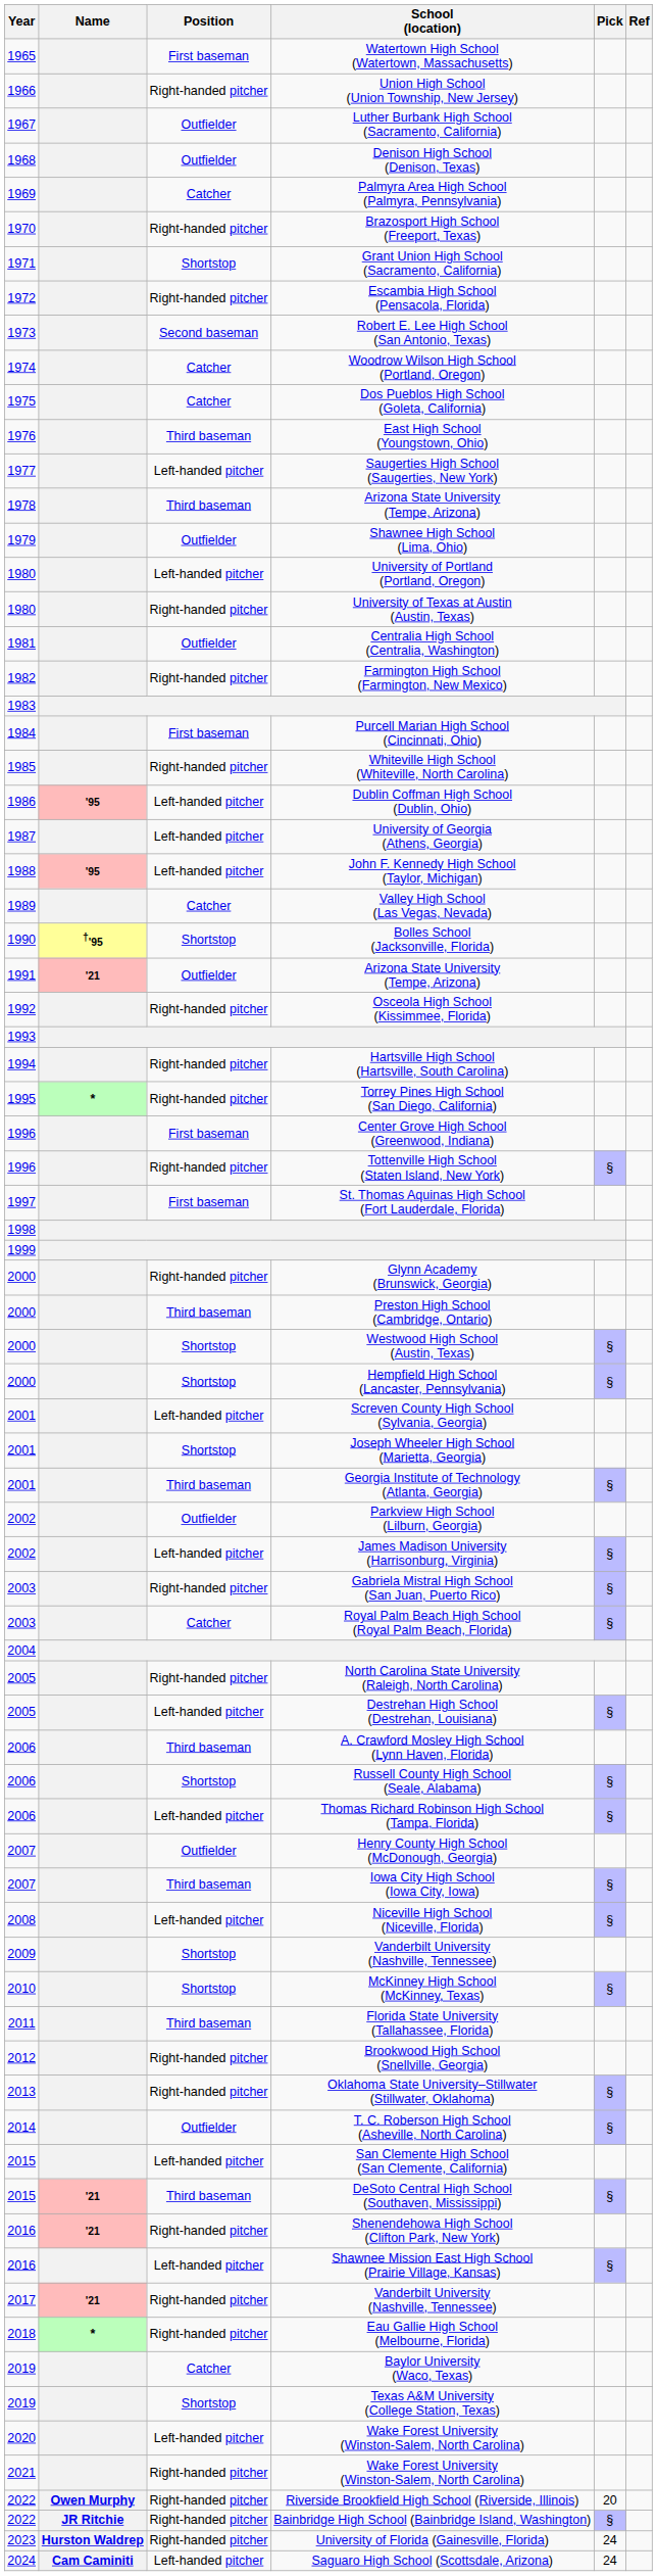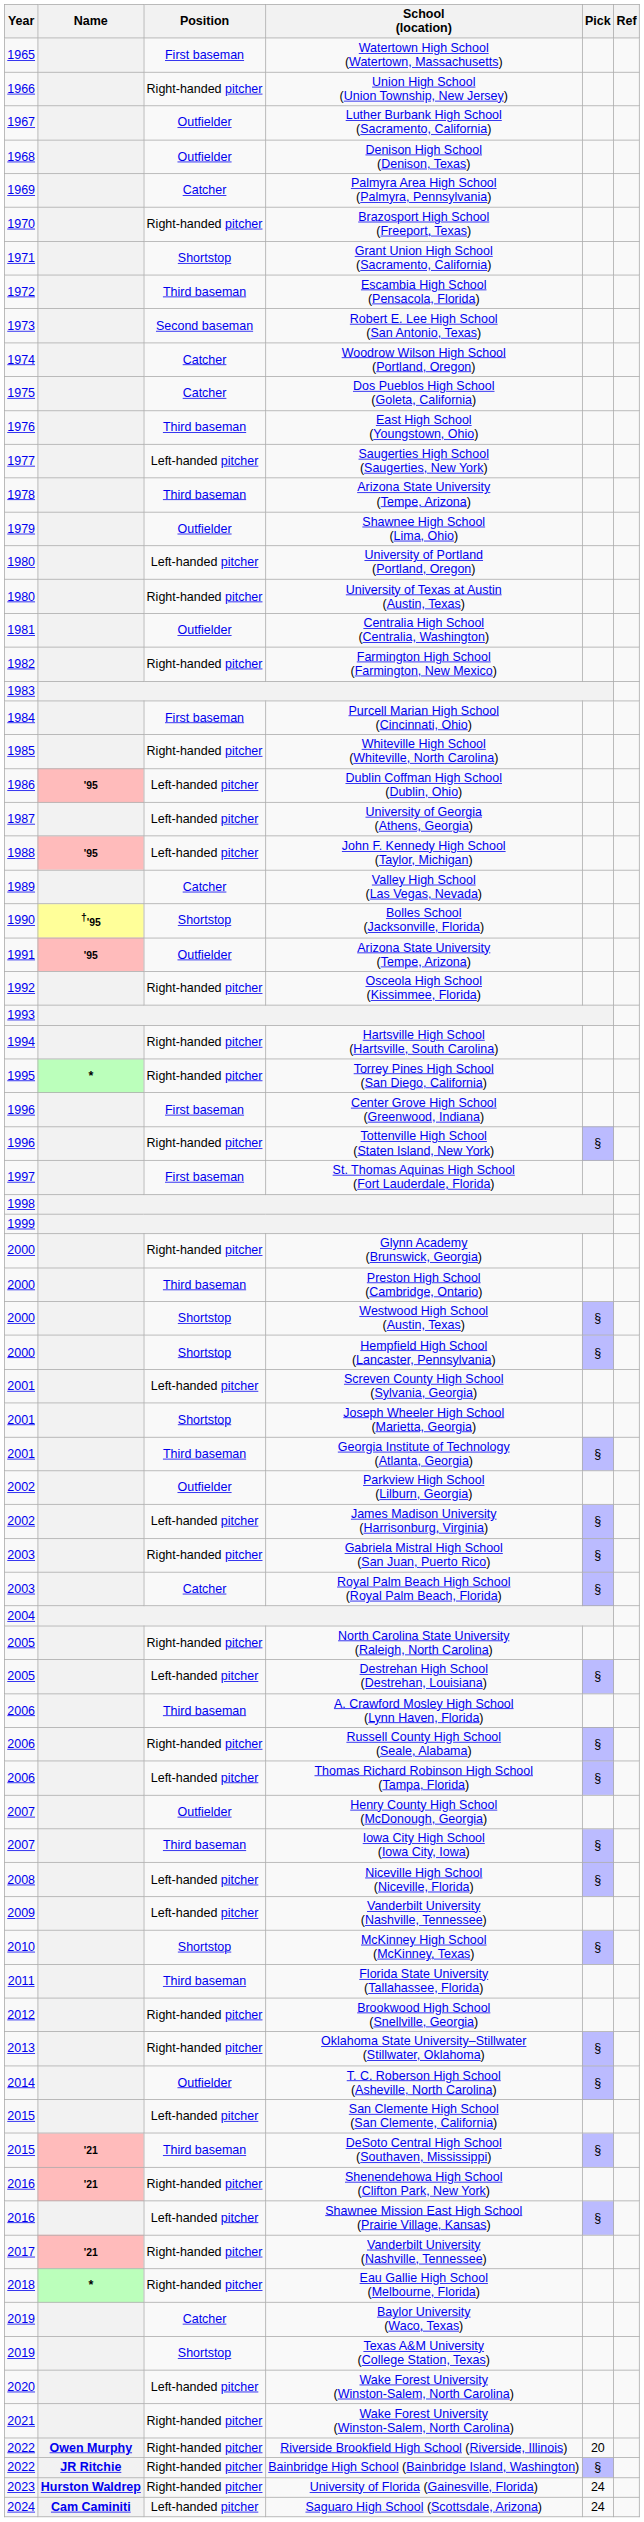 <table class="wikitable sortable plainrowheaders" style="text-align:center;" border="1">
 <tr>
 <th scope="col">Year</th>
 <th scope="col">Name</th>
 <th scope="col">Position</th>
 <th scope="col" class="unsortable">School<br> (location)</th>
 <th scope="col">Pick</th>
 <th scope="col" class="unsortable">Ref</th>
 </tr>
 <tr>
 <td><a href='#'>1965</a></td>
 <th scope="row"></th>
 <td><a href='#'>First baseman</a></td>
 <td><a href='#'>Watertown High School</a><br>(<a href='#'>Watertown, Massachusetts</a>)</td>
 <td></td>
 <td></td>
 </tr>
 <tr>
 <td><a href='#'>1966</a></td>
 <th scope="row"></th>
 <td>Right-handed <a href='#'>pitcher</a></td>
 <td><a href='#'>Union High School</a><br>(<a href='#'>Union Township, New Jersey</a>)</td>
 <td></td>
 <td></td>
 </tr>
 <tr>
 <td><a href='#'>1967</a></td>
 <th scope="row"></th>
 <td><a href='#'>Outfielder</a></td>
 <td><a href='#'>Luther Burbank High School</a><br>(<a href='#'>Sacramento, California</a>)</td>
 <td></td>
 <td></td>
 </tr>
 <tr>
 <td><a href='#'>1968</a></td>
 <th scope="row"></th>
 <td><a href='#'>Outfielder</a></td>
 <td><a href='#'>Denison High School</a><br>(<a href='#'>Denison, Texas</a>)</td>
 <td></td>
 <td></td>
 </tr>
 <tr>
 <td><a href='#'>1969</a></td>
 <th scope="row"></th>
 <td><a href='#'>Catcher</a></td>
 <td><a href='#'>Palmyra Area High School</a><br>(<a href='#'>Palmyra, Pennsylvania</a>)</td>
 <td></td>
 <td></td>
 </tr>
 <tr>
 <td><a href='#'>1970</a></td>
 <th scope="row"></th>
 <td>Right-handed <a href='#'>pitcher</a></td>
 <td><a href='#'>Brazosport High School</a><br>(<a href='#'>Freeport, Texas</a>)</td>
 <td></td>
 <td></td>
 </tr>
 <tr>
 <td><a href='#'>1971</a></td>
 <th scope="row"></th>
 <td><a href='#'>Shortstop</a></td>
 <td><a href='#'>Grant Union High School</a><br>(<a href='#'>Sacramento, California</a>)</td>
 <td></td>
 <td></td>
 </tr>
 <tr>
 <td><a href='#'>1972</a></td>
 <th scope="row"></th>
-<td>Right-handed <a href='#'>pitcher</a></td>
+<td><a href='#'>Third baseman</a></td>
 <td><a href='#'>Escambia High School</a><br>(<a href='#'>Pensacola, Florida</a>)</td>
 <td></td>
 <td></td>
 </tr>
 <tr>
 <td><a href='#'>1973</a></td>
 <th scope="row"></th>
 <td><a href='#'>Second baseman</a></td>
 <td><a href='#'>Robert E. Lee High School</a><br>(<a href='#'>San Antonio, Texas</a>)</td>
 <td></td>
 <td></td>
 </tr>
 <tr>
 <td><a href='#'>1974</a></td>
 <th scope="row"></th>
 <td><a href='#'>Catcher</a></td>
 <td><a href='#'>Woodrow Wilson High School</a><br>(<a href='#'>Portland, Oregon</a>)</td>
 <td></td>
 <td></td>
 </tr>
 <tr>
 <td><a href='#'>1975</a></td>
 <th scope="row"></th>
 <td><a href='#'>Catcher</a></td>
 <td><a href='#'>Dos Pueblos High School</a><br>(<a href='#'>Goleta, California</a>)</td>
 <td></td>
 <td></td>
 </tr>
 <tr>
 <td><a href='#'>1976</a></td>
 <th scope="row"></th>
 <td><a href='#'>Third baseman</a></td>
 <td><a href='#'>East High School</a><br>(<a href='#'>Youngstown, Ohio</a>)</td>
 <td></td>
 <td></td>
 </tr>
 <tr>
 <td><a href='#'>1977</a></td>
 <th scope="row"></th>
 <td>Left-handed <a href='#'>pitcher</a></td>
 <td><a href='#'>Saugerties High School</a><br>(<a href='#'>Saugerties, New York</a>)</td>
 <td></td>
 <td></td>
 </tr>
 <tr>
 <td><a href='#'>1978</a></td>
 <th scope="row"></th>
 <td><a href='#'>Third baseman</a></td>
 <td><a href='#'>Arizona State University</a><br>(<a href='#'>Tempe, Arizona</a>)</td>
 <td></td>
 <td></td>
 </tr>
 <tr>
 <td><a href='#'>1979</a></td>
 <th scope="row"></th>
 <td><a href='#'>Outfielder</a></td>
 <td><a href='#'>Shawnee High School</a><br>(<a href='#'>Lima, Ohio</a>)</td>
 <td></td>
 <td></td>
 </tr>
 <tr>
 <td><a href='#'>1980</a></td>
 <th scope="row"></th>
 <td>Left-handed <a href='#'>pitcher</a></td>
 <td><a href='#'>University of Portland</a><br>(<a href='#'>Portland, Oregon</a>)</td>
 <td></td>
 <td></td>
 </tr>
 <tr>
 <td><a href='#'>1980</a></td>
 <th scope="row"></th>
 <td>Right-handed <a href='#'>pitcher</a></td>
 <td><a href='#'>University of Texas at Austin</a><br>(<a href='#'>Austin, Texas</a>)</td>
 <td></td>
 <td></td>
 </tr>
 <tr>
 <td><a href='#'>1981</a></td>
 <th scope="row"></th>
 <td><a href='#'>Outfielder</a></td>
 <td><a href='#'>Centralia High School</a><br>(<a href='#'>Centralia, Washington</a>)</td>
 <td></td>
 <td></td>
 </tr>
 <tr>
 <td><a href='#'>1982</a></td>
 <th scope="row"></th>
 <td>Right-handed <a href='#'>pitcher</a></td>
 <td><a href='#'>Farmington High School</a><br>(<a href='#'>Farmington, New Mexico</a>)</td>
 <td></td>
 <td></td>
 </tr>
 <tr>
 <td><a href='#'>1983</a></td>
 <th scope="row" style="text-align: center;" colspan="4"></th>
 <td></td>
 </tr>
 <tr>
 <td><a href='#'>1984</a></td>
 <th scope="row"></th>
 <td><a href='#'>First baseman</a></td>
 <td><a href='#'>Purcell Marian High School</a><br>(<a href='#'>Cincinnati, Ohio</a>)</td>
 <td></td>
 <td></td>
 </tr>
 <tr>
 <td><a href='#'>1985</a></td>
 <th scope="row"></th>
 <td>Right-handed <a href='#'>pitcher</a></td>
 <td><a href='#'>Whiteville High School</a><br>(<a href='#'>Whiteville, North Carolina</a>)</td>
 <td></td>
 <td></td>
 </tr>
 <tr>
 <td><a href='#'>1986</a></td>
 <th scope="row" style="background-color:#ffbbbb"> <small>'95</small></th>
 <td>Left-handed <a href='#'>pitcher</a></td>
 <td><a href='#'>Dublin Coffman High School</a><br>(<a href='#'>Dublin, Ohio</a>)</td>
 <td></td>
 <td></td>
 </tr>
 <tr>
 <td><a href='#'>1987</a></td>
 <th scope="row"></th>
 <td>Left-handed <a href='#'>pitcher</a></td>
 <td><a href='#'>University of Georgia</a><br>(<a href='#'>Athens, Georgia</a>)</td>
 <td></td>
 <td></td>
 </tr>
 <tr>
 <td><a href='#'>1988</a></td>
 <th scope="row" style="background-color:#ffbbbb"> <small>'95</small></th>
 <td>Left-handed <a href='#'>pitcher</a></td>
 <td><a href='#'>John F. Kennedy High School</a><br>(<a href='#'>Taylor, Michigan</a>)</td>
 <td></td>
 <td></td>
 </tr>
 <tr>
 <td><a href='#'>1989</a></td>
 <th scope="row"></th>
 <td><a href='#'>Catcher</a></td>
 <td><a href='#'>Valley High School</a><br>(<a href='#'>Las Vegas, Nevada</a>)</td>
 <td></td>
 <td></td>
 </tr>
 <tr>
 <td><a href='#'>1990</a></td>
 <th scope="row" style="background:#ff9;"><sup>†</sup><small>'95</small></th>
 <td><a href='#'>Shortstop</a></td>
 <td><a href='#'>Bolles School</a><br>(<a href='#'>Jacksonville, Florida</a>)</td>
 <td></td>
 <td></td>
 </tr>
 <tr>
 <td><a href='#'>1991</a></td>
-<th scope="row" style="background-color:#ffbbbb"> <small>'21</small></th>
+<th scope="row" style="background-color:#ffbbbb"> <small>'95</small></th>
 <td><a href='#'>Outfielder</a></td>
 <td><a href='#'>Arizona State University</a><br>(<a href='#'>Tempe, Arizona</a>)</td>
 <td></td>
 <td></td>
 </tr>
 <tr>
 <td><a href='#'>1992</a></td>
 <th scope="row"></th>
 <td>Right-handed <a href='#'>pitcher</a></td>
 <td><a href='#'>Osceola High School</a><br>(<a href='#'>Kissimmee, Florida</a>)</td>
 <td></td>
 <td></td>
 </tr>
 <tr>
 <td><a href='#'>1993</a></td>
 <th scope="row" style="text-align: center;" colspan="4"></th>
 <td></td>
 </tr>
 <tr>
 <td><a href='#'>1994</a></td>
 <th scope="row"></th>
 <td>Right-handed <a href='#'>pitcher</a></td>
 <td><a href='#'>Hartsville High School</a><br>(<a href='#'>Hartsville, South Carolina</a>)</td>
 <td></td>
 <td></td>
 </tr>
 <tr>
 <td><a href='#'>1995</a></td>
 <th scope="row" style="background-color:#bbffbb">*</th>
 <td>Right-handed <a href='#'>pitcher</a></td>
 <td><a href='#'>Torrey Pines High School</a><br>(<a href='#'>San Diego, California</a>)</td>
 <td></td>
 <td></td>
 </tr>
 <tr>
 <td><a href='#'>1996</a></td>
 <th scope="row"></th>
 <td><a href='#'>First baseman</a></td>
 <td><a href='#'>Center Grove High School</a><br>(<a href='#'>Greenwood, Indiana</a>)</td>
 <td></td>
 <td></td>
 </tr>
 <tr>
 <td><a href='#'>1996</a></td>
 <th scope="row"></th>
 <td>Right-handed <a href='#'>pitcher</a></td>
 <td><a href='#'>Tottenville High School</a><br>(<a href='#'>Staten Island, New York</a>)</td>
 <td bgcolor="#bbbbff">§</td>
 <td></td>
 </tr>
 <tr>
 <td><a href='#'>1997</a></td>
 <th scope="row"></th>
 <td><a href='#'>First baseman</a></td>
 <td><a href='#'>St. Thomas Aquinas High School</a><br>(<a href='#'>Fort Lauderdale, Florida</a>)</td>
 <td></td>
 <td></td>
 </tr>
 <tr>
 <td><a href='#'>1998</a></td>
 <th scope="row" style="text-align: center;" colspan="4"></th>
 <td></td>
 </tr>
 <tr>
 <td><a href='#'>1999</a></td>
 <th scope="row" style="text-align: center;" colspan="4"></th>
 <td></td>
 </tr>
 <tr>
 <td><a href='#'>2000</a></td>
 <th scope="row"></th>
 <td>Right-handed <a href='#'>pitcher</a></td>
 <td><a href='#'>Glynn Academy</a><br>(<a href='#'>Brunswick, Georgia</a>)</td>
 <td></td>
 <td></td>
 </tr>
 <tr>
 <td><a href='#'>2000</a></td>
 <th scope="row"></th>
 <td><a href='#'>Third baseman</a></td>
 <td><a href='#'>Preston High School</a><br>(<a href='#'>Cambridge, Ontario</a>)</td>
 <td></td>
 <td></td>
 </tr>
 <tr>
 <td><a href='#'>2000</a></td>
 <th scope="row"></th>
 <td><a href='#'>Shortstop</a></td>
 <td><a href='#'>Westwood High School</a><br>(<a href='#'>Austin, Texas</a>)</td>
 <td bgcolor="#bbbbff">§</td>
 <td></td>
 </tr>
 <tr>
 <td><a href='#'>2000</a></td>
 <th scope="row"></th>
 <td><a href='#'>Shortstop</a></td>
 <td><a href='#'>Hempfield High School</a><br>(<a href='#'>Lancaster, Pennsylvania</a>)</td>
 <td bgcolor="#bbbbff">§</td>
 <td></td>
 </tr>
 <tr>
 <td><a href='#'>2001</a></td>
 <th scope="row"></th>
 <td>Left-handed <a href='#'>pitcher</a></td>
 <td><a href='#'>Screven County High School</a><br>(<a href='#'>Sylvania, Georgia</a>)</td>
 <td></td>
 <td></td>
 </tr>
 <tr>
 <td><a href='#'>2001</a></td>
 <th scope="row"></th>
 <td><a href='#'>Shortstop</a></td>
 <td><a href='#'>Joseph Wheeler High School</a><br>(<a href='#'>Marietta, Georgia</a>)</td>
 <td></td>
 <td></td>
 </tr>
 <tr>
 <td><a href='#'>2001</a></td>
 <th scope="row"></th>
 <td><a href='#'>Third baseman</a></td>
 <td><a href='#'>Georgia Institute of Technology</a><br>(<a href='#'>Atlanta, Georgia</a>)</td>
 <td bgcolor="#bbbbff">§</td>
 <td></td>
 </tr>
 <tr>
 <td><a href='#'>2002</a></td>
 <th scope="row"></th>
 <td><a href='#'>Outfielder</a></td>
 <td><a href='#'>Parkview High School</a><br>(<a href='#'>Lilburn, Georgia</a>)</td>
 <td></td>
 <td></td>
 </tr>
 <tr>
 <td><a href='#'>2002</a></td>
 <th scope="row"></th>
 <td>Left-handed <a href='#'>pitcher</a></td>
 <td><a href='#'>James Madison University</a><br>(<a href='#'>Harrisonburg, Virginia</a>)</td>
 <td bgcolor="#bbbbff">§</td>
 <td></td>
 </tr>
 <tr>
 <td><a href='#'>2003</a></td>
 <th scope="row"></th>
 <td>Right-handed <a href='#'>pitcher</a></td>
 <td><a href='#'>Gabriela Mistral High School</a><br>(<a href='#'>San Juan, Puerto Rico</a>)</td>
 <td bgcolor="#bbbbff">§</td>
 <td></td>
 </tr>
 <tr>
 <td><a href='#'>2003</a></td>
 <th scope="row"></th>
 <td><a href='#'>Catcher</a></td>
 <td><a href='#'>Royal Palm Beach High School</a><br>(<a href='#'>Royal Palm Beach, Florida</a>)</td>
 <td bgcolor="#bbbbff">§</td>
 <td></td>
 </tr>
 <tr>
 <td><a href='#'>2004</a></td>
 <th scope="row" style="text-align: center;" colspan="4"></th>
 <td></td>
 </tr>
 <tr>
 <td><a href='#'>2005</a></td>
 <th scope="row"></th>
 <td>Right-handed <a href='#'>pitcher</a></td>
 <td><a href='#'>North Carolina State University</a><br>(<a href='#'>Raleigh, North Carolina</a>)</td>
 <td></td>
 <td></td>
 </tr>
 <tr>
 <td><a href='#'>2005</a></td>
 <th scope="row"></th>
 <td>Left-handed <a href='#'>pitcher</a></td>
 <td><a href='#'>Destrehan High School</a><br>(<a href='#'>Destrehan, Louisiana</a>)</td>
 <td bgcolor="#bbbbff">§</td>
 <td></td>
 </tr>
 <tr>
 <td><a href='#'>2006</a></td>
 <th scope="row"></th>
 <td><a href='#'>Third baseman</a></td>
 <td><a href='#'>A. Crawford Mosley High School</a><br>(<a href='#'>Lynn Haven, Florida</a>)</td>
 <td></td>
 <td></td>
 </tr>
 <tr>
 <td><a href='#'>2006</a></td>
 <th scope="row"></th>
-<td><a href='#'>Shortstop</a></td>
+<td>Right-handed <a href='#'>pitcher</a></td>
 <td><a href='#'>Russell County High School</a><br>(<a href='#'>Seale, Alabama</a>)</td>
 <td bgcolor="#bbbbff">§</td>
 <td></td>
 </tr>
 <tr>
 <td><a href='#'>2006</a></td>
 <th scope="row"></th>
 <td>Left-handed <a href='#'>pitcher</a></td>
 <td><a href='#'>Thomas Richard Robinson High School</a><br>(<a href='#'>Tampa, Florida</a>)</td>
 <td bgcolor="#bbbbff">§</td>
 <td></td>
 </tr>
 <tr>
 <td><a href='#'>2007</a></td>
 <th scope="row"></th>
 <td><a href='#'>Outfielder</a></td>
 <td><a href='#'>Henry County High School</a><br>(<a href='#'>McDonough, Georgia</a>)</td>
 <td></td>
 <td></td>
 </tr>
 <tr>
 <td><a href='#'>2007</a></td>
 <th scope="row"></th>
 <td><a href='#'>Third baseman</a></td>
 <td><a href='#'>Iowa City High School</a><br>(<a href='#'>Iowa City, Iowa</a>)</td>
 <td bgcolor="#bbbbff">§</td>
 <td></td>
 </tr>
 <tr>
 <td><a href='#'>2008</a></td>
 <th scope="row"></th>
 <td>Left-handed <a href='#'>pitcher</a></td>
 <td><a href='#'>Niceville High School</a><br>(<a href='#'>Niceville, Florida</a>)</td>
 <td bgcolor="#bbbbff">§</td>
 <td></td>
 </tr>
 <tr>
 <td><a href='#'>2009</a></td>
 <th scope="row"></th>
-<td><a href='#'>Shortstop</a></td>
+<td>Left-handed <a href='#'>pitcher</a></td>
 <td><a href='#'>Vanderbilt University</a><br>(<a href='#'>Nashville, Tennessee</a>)</td>
 <td></td>
 <td></td>
 </tr>
 <tr>
 <td><a href='#'>2010</a></td>
 <th scope="row"></th>
 <td><a href='#'>Shortstop</a></td>
 <td><a href='#'>McKinney High School</a><br>(<a href='#'>McKinney, Texas</a>)</td>
 <td bgcolor="#bbbbff">§</td>
 <td></td>
 </tr>
 <tr>
 <td><a href='#'>2011</a></td>
 <th scope="row"></th>
 <td><a href='#'>Third baseman</a></td>
 <td><a href='#'>Florida State University</a><br>(<a href='#'>Tallahassee, Florida</a>)</td>
 <td></td>
 <td></td>
 </tr>
 <tr>
 <td><a href='#'>2012</a></td>
 <th scope="row"></th>
 <td>Right-handed <a href='#'>pitcher</a></td>
 <td><a href='#'>Brookwood High School</a><br>(<a href='#'>Snellville, Georgia</a>)</td>
 <td></td>
 <td></td>
 </tr>
 <tr>
 <td><a href='#'>2013</a></td>
 <th scope="row"></th>
 <td>Right-handed <a href='#'>pitcher</a></td>
 <td><a href='#'>Oklahoma State University–Stillwater</a><br>(<a href='#'>Stillwater, Oklahoma</a>)</td>
 <td bgcolor="#bbbbff">§</td>
 <td></td>
 </tr>
 <tr>
 <td><a href='#'>2014</a></td>
 <th scope="row"></th>
 <td><a href='#'>Outfielder</a></td>
 <td><a href='#'>T. C. Roberson High School</a><br>(<a href='#'>Asheville, North Carolina</a>)</td>
 <td bgcolor="#bbbbff">§</td>
 <td></td>
 </tr>
 <tr>
 <td><a href='#'>2015</a></td>
 <th scope="row"></th>
 <td>Left-handed <a href='#'>pitcher</a></td>
 <td><a href='#'>San Clemente High School</a><br>(<a href='#'>San Clemente, California</a>)</td>
 <td></td>
 <td></td>
 </tr>
 <tr>
 <td><a href='#'>2015</a></td>
 <th scope="row" style="background-color:#ffbbbb"> <small>'21</small></th>
 <td><a href='#'>Third baseman</a></td>
 <td><a href='#'>DeSoto Central High School</a><br>(<a href='#'>Southaven, Mississippi</a>)</td>
 <td bgcolor="#bbbbff">§</td>
 <td></td>
 </tr>
 <tr>
 <td><a href='#'>2016</a></td>
 <th scope="row" style="background-color:#ffbbbb"> <small>'21</small></th>
 <td>Right-handed <a href='#'>pitcher</a></td>
 <td><a href='#'>Shenendehowa High School</a><br>(<a href='#'>Clifton Park, New York</a>)</td>
 <td></td>
 <td></td>
 </tr>
 <tr>
 <td><a href='#'>2016</a></td>
 <th scope="row"></th>
 <td>Left-handed <a href='#'>pitcher</a></td>
 <td><a href='#'>Shawnee Mission East High School</a><br>(<a href='#'>Prairie Village, Kansas</a>)</td>
 <td bgcolor="#bbbbff">§</td>
 <td></td>
 </tr>
 <tr>
 <td><a href='#'>2017</a></td>
 <th scope="row" style="background-color:#ffbbbb"> <small>'21</small></th>
 <td>Right-handed <a href='#'>pitcher</a></td>
 <td><a href='#'>Vanderbilt University</a><br>(<a href='#'>Nashville, Tennessee</a>)</td>
 <td></td>
 <td></td>
 </tr>
 <tr>
 <td><a href='#'>2018</a></td>
 <th scope="row" style="text-align:center; background:#bfb;">*</th>
 <td>Right-handed <a href='#'>pitcher</a></td>
 <td><a href='#'>Eau Gallie High School</a><br>(<a href='#'>Melbourne, Florida</a>)</td>
 <td></td>
 <td></td>
 </tr>
 <tr>
 <td><a href='#'>2019</a></td>
 <th scope="row"></th>
 <td><a href='#'>Catcher</a></td>
 <td><a href='#'>Baylor University</a><br>(<a href='#'>Waco, Texas</a>)</td>
 <td></td>
 <td></td>
 </tr>
 <tr>
 <td><a href='#'>2019</a></td>
 <th scope="row"></th>
 <td><a href='#'>Shortstop</a></td>
 <td><a href='#'>Texas A&M University</a><br>(<a href='#'>College Station, Texas</a>)</td>
 <td></td>
 <td></td>
 </tr>
 <tr>
 <td><a href='#'>2020</a></td>
 <th scope="row"></th>
 <td>Left-handed <a href='#'>pitcher</a></td>
 <td><a href='#'>Wake Forest University</a><br>(<a href='#'>Winston-Salem, North Carolina</a>)</td>
 <td></td>
 </tr>
 <tr>
 <td><a href='#'>2021</a></td>
 <th scope="row"></th>
 <td>Right-handed <a href='#'>pitcher</a></td>
 <td><a href='#'>Wake Forest University</a><br>(<a href='#'>Winston-Salem, North Carolina</a>)</td>
 <td></td>
 <td></td>
 </tr>
 <tr>
 <td><a href='#'>2022</a></td>
 <th scope="row"><a href='#'>Owen Murphy</a></th>
 <td>Right-handed <a href='#'>pitcher</a></td>
 <td><a href='#'>Riverside Brookfield High School</a> (<a href='#'>Riverside, Illinois</a>)</td>
 <td>20</td>
 <td></td>
 </tr>
 <tr>
 <td><a href='#'>2022</a></td>
 <th scope="row"><a href='#'>JR Ritchie</a></th>
 <td>Right-handed <a href='#'>pitcher</a></td>
 <td><a href='#'>Bainbridge High School</a> (<a href='#'>Bainbridge Island, Washington</a>)</td>
 <td bgcolor="#bbbbff">§</td>
 <td></td>
 </tr>
 <tr>
 <td><a href='#'>2023</a></td>
 <th scope="row"><a href='#'>Hurston Waldrep</a></th>
 <td>Right-handed <a href='#'>pitcher</a></td>
 <td><a href='#'>University of Florida</a> (<a href='#'>Gainesville, Florida</a>)</td>
 <td>24</td>
 <td></td>
 </tr>
 <tr>
 <td><a href='#'>2024</a></td>
 <th scope="row"><a href='#'>Cam Caminiti</a></th>
 <td>Left-handed <a href='#'>pitcher</a></td>
 <td><a href='#'>Saguaro High School</a> (<a href='#'>Scottsdale, Arizona</a>)</td>
 <td>24</td>
 <td></td>
 </tr>
 </table>
